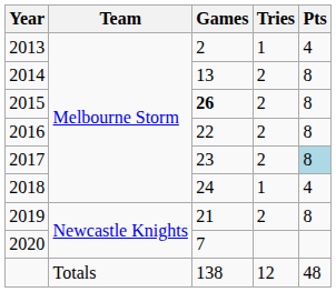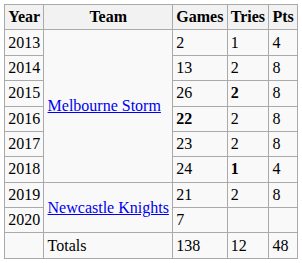 <table class="wikitable">
 <tr>
 <th>Year</th>
 <th>Team</th>
 <th>Games</th>
 <th>Tries</th>
 <th>Pts</th>
 </tr>
 <tr>
 <td>2013</td>
 <td rowspan="6"> <a href='#'>Melbourne Storm</a></td>
 <td>2</td>
 <td>1</td>
 <td>4</td>
 </tr>
 <tr>
 <td>2014</td>
 <td>13</td>
 <td>2</td>
 <td>8</td>
 </tr>
 <tr>
 <td>2015</td>
-<td><strong>26</strong></td>
-<td>2</td>
+<td>26</td>
+<td><strong>2</strong></td>
 <td>8</td>
 </tr>
 <tr>
 <td>2016</td>
-<td>22</td>
+<td><strong>22</strong></td>
 <td>2</td>
 <td>8</td>
 </tr>
 <tr>
 <td>2017</td>
 <td>23</td>
 <td>2</td>
-<td style="background: lightblue;">8</td>
+<td>8</td>
 </tr>
 <tr>
 <td>2018</td>
 <td>24</td>
-<td>1</td>
+<td><strong>1</strong></td>
 <td>4</td>
 </tr>
 <tr>
 <td>2019</td>
 <td rowspan="2"> <a href='#'>Newcastle Knights</a></td>
 <td>21</td>
 <td>2</td>
 <td>8</td>
 </tr>
 <tr>
 <td>2020</td>
 <td>7</td>
 <td></td>
 <td></td>
 </tr>
 <tr>
 <td></td>
 <td>Totals</td>
 <td>138</td>
 <td>12</td>
 <td>48</td>
 </tr>
 </table>
